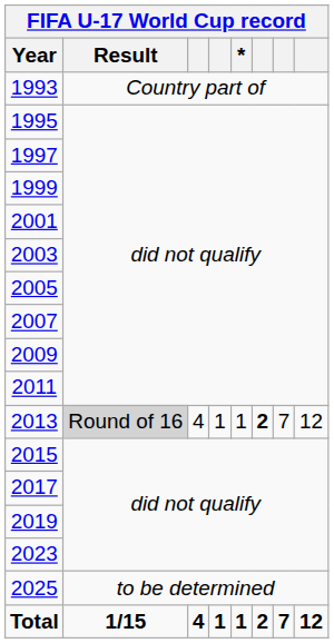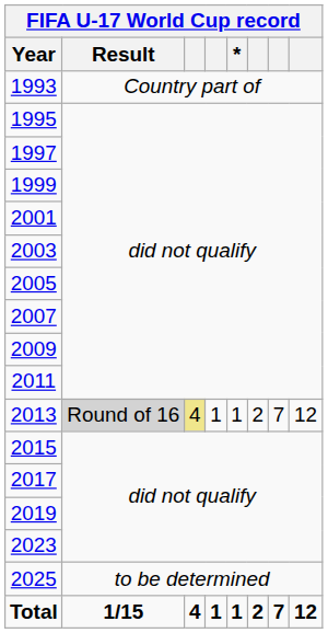 <table class="wikitable" style="text-align: center;">
 <tr>
 <th colspan=8><a href='#'>FIFA U-17 World Cup record</a></th>
 </tr>
 <tr>
 <th>Year</th>
 <th>Result</th>
 <th></th>
 <th></th>
 <th> *</th>
 <th></th>
 <th></th>
 <th></th>
 </tr>
 <tr>
 <td> <a href='#'>1993</a></td>
 <td rowspan="1" colspan="7"><em>Country part of </em></td>
 </tr>
 <tr>
 <td> <a href='#'>1995</a></td>
 <td rowspan="9" colspan="7"><em>did not qualify</em></td>
 </tr>
 <tr>
 <td> <a href='#'>1997</a></td>
 </tr>
 <tr>
 <td> <a href='#'>1999</a></td>
 </tr>
 <tr>
 <td> <a href='#'>2001</a></td>
 </tr>
 <tr>
 <td> <a href='#'>2003</a></td>
 </tr>
 <tr>
 <td> <a href='#'>2005</a></td>
 </tr>
 <tr>
 <td> <a href='#'>2007</a></td>
 </tr>
 <tr>
 <td> <a href='#'>2009</a></td>
 </tr>
 <tr>
 <td> <a href='#'>2011</a></td>
 </tr>
 <tr>
 <td> <a href='#'>2013</a></td>
 <td style="background: lightgrey;">Round of 16</td>
-<td>4</td>
+<td style="background: khaki;">4</td>
 <td>1</td>
 <td>1</td>
-<td><strong>2</strong></td>
+<td>2</td>
 <td>7</td>
 <td>12</td>
 </tr>
 <tr>
 <td> <a href='#'>2015</a></td>
 <td rowspan="4" colspan=7><em>did not qualify</em></td>
 </tr>
 <tr>
 <td> <a href='#'>2017</a></td>
 </tr>
 <tr>
 <td> <a href='#'>2019</a></td>
 </tr>
 <tr>
 <td> <a href='#'>2023</a></td>
 </tr>
 <tr>
 <td> <a href='#'>2025</a></td>
 <td colspan=7><em>to be determined</em></td>
 </tr>
 <tr>
 <td><strong>Total</strong></td>
 <td><strong>1/15</strong></td>
 <td><strong>4</strong></td>
 <td><strong>1</strong></td>
 <td><strong>1</strong></td>
 <td><strong>2</strong></td>
 <td><strong>7</strong></td>
 <td><strong>12</strong></td>
 </tr>
 </table>
